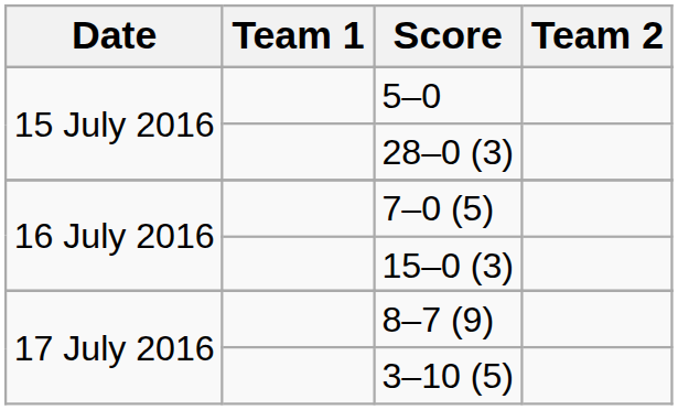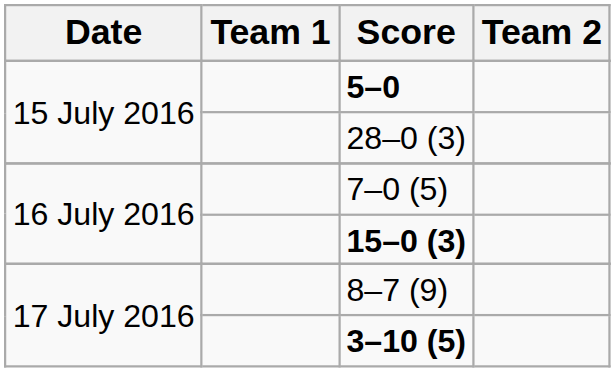 <table class="wikitable">
 <tr>
 <th>Date</th>
 <th>Team 1</th>
 <th>Score</th>
 <th>Team 2</th>
 </tr>
 <tr>
 </tr>
 <tr style=font-size:90%>
 <td rowspan=2>15 July 2016</td>
 <td></td>
-<td>5–0</td>
+<td><strong>5–0</strong></td>
 <td></td>
 </tr>
 <tr style=font-size:90%>
 <td></td>
 <td>28–0 (3)</td>
 <td></td>
 </tr>
 <tr>
 </tr>
 <tr style=font-size:90%>
 <td rowspan=2>16 July 2016</td>
 <td></td>
 <td>7–0 (5)</td>
 <td></td>
 </tr>
 <tr style=font-size:90%>
 <td></td>
-<td>15–0 (3)</td>
+<td><strong>15–0 (3)</strong></td>
 <td></td>
 </tr>
 <tr>
 </tr>
 <tr style=font-size:90%>
 <td rowspan=2>17 July 2016</td>
 <td></td>
 <td>8–7 (9)</td>
 <td></td>
 </tr>
 <tr style=font-size:90%>
 <td></td>
-<td>3–10 (5)</td>
+<td><strong>3–10 (5)</strong></td>
 <td></td>
 </tr>
 </table>
